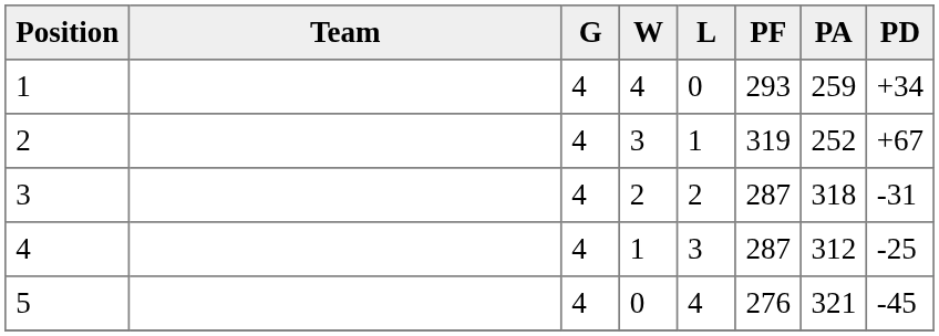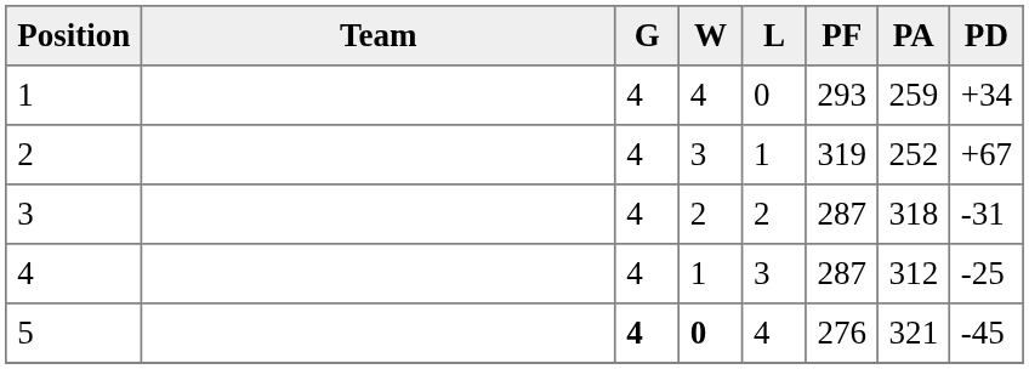 <table style=border-collapse:collapse border=1 cellspacing=0 cellpadding=5>
 <tr align=center bgcolor=#efefef>
 <th width=20>Position</th>
 <th width=220>Team</th>
 <th width=20>G</th>
 <th width=20>W</th>
 <th width=20>L</th>
 <th width=20>PF</th>
 <th width=20>PA</th>
 <th width=20>PD</th>
 </tr>
 <tr>
 <td>1</td>
 <td></td>
 <td>4</td>
 <td>4</td>
 <td>0</td>
 <td>293</td>
 <td>259</td>
 <td>+34</td>
 </tr>
 <tr>
 <td>2</td>
 <td></td>
 <td>4</td>
 <td>3</td>
 <td>1</td>
 <td>319</td>
 <td>252</td>
 <td>+67</td>
 </tr>
 <tr>
 <td>3</td>
 <td></td>
 <td>4</td>
 <td>2</td>
 <td>2</td>
 <td>287</td>
 <td>318</td>
 <td>-31</td>
 </tr>
 <tr>
 <td>4</td>
 <td></td>
 <td>4</td>
 <td>1</td>
 <td>3</td>
 <td>287</td>
 <td>312</td>
 <td>-25</td>
 </tr>
 <tr>
 <td>5</td>
 <td></td>
-<td>4</td>
-<td>0</td>
+<td><strong>4</strong></td>
+<td><strong>0</strong></td>
 <td>4</td>
 <td>276</td>
 <td>321</td>
 <td>-45</td>
 </tr>
 <tr>
 </tr>
 </table>
